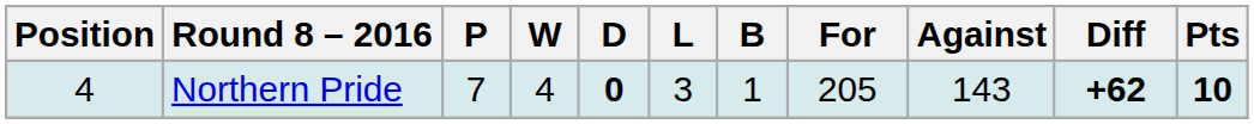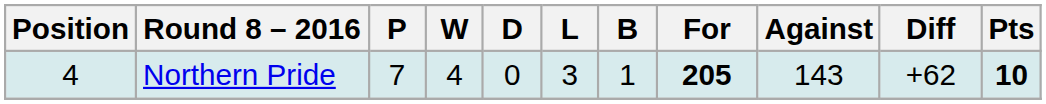 <table class="wikitable" style="text-align:center; font-size:85%;">
 <tr>
 <th width=40 abbr="Position">Position</th>
 <th width=100>Round 8 – 2016</th>
 <th width=20 abbr="Played">P</th>
 <th width=20 abbr="Won">W</th>
 <th width=20 abbr="Drawn">D</th>
 <th width=20 abbr="Lost">L</th>
 <th width=20 abbr="Bye">B</th>
 <th width=40 abbr="Points for">For</th>
 <th width=40 abbr="Points against">Against</th>
 <th width=40 abbr="Points difference">Diff</th>
 <th width=20 abbr="Points">Pts</th>
 </tr>
 <tr style="background: #d7ebed;">
 <td>4</td>
 <td style="text-align:left;"> <a href='#'>Northern Pride</a></td>
 <td>7</td>
 <td>4</td>
-<td><strong>0</strong></td>
+<td>0</td>
 <td>3</td>
 <td>1</td>
-<td>205</td>
+<td><strong>205</strong></td>
 <td>143</td>
-<td><strong>+62</strong></td>
+<td>+62</td>
 <td><strong>10</strong></td>
 </tr>
 <tr>
 </tr>
 </table>
